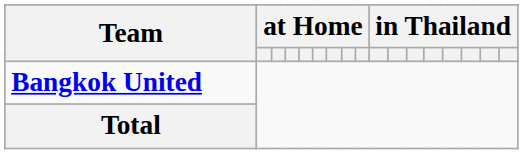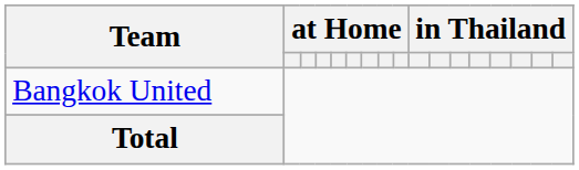 <table class="wikitable plainrowheaders sortable">
 <tr>
 <th width=140px rowspan=2>Team</th>
 <th colspan=8>at Home</th>
 <th colspan=8>in Thailand</th>
 </tr>
 <tr>
 <th></th>
 <th></th>
 <th></th>
 <th></th>
 <th></th>
 <th></th>
 <th></th>
 <th></th>
 <th></th>
 <th></th>
 <th></th>
 <th></th>
 <th></th>
 <th></th>
 <th></th>
 <th></th>
 </tr>
 <tr>
-<td><strong><a href='#'>Bangkok United</a><br> </strong></td>
+<td><a href='#'>Bangkok United</a><br> </td>
 </tr>
 <tr class="sortbottom">
 <th>Total<br> </th>
 </tr>
 </table>
